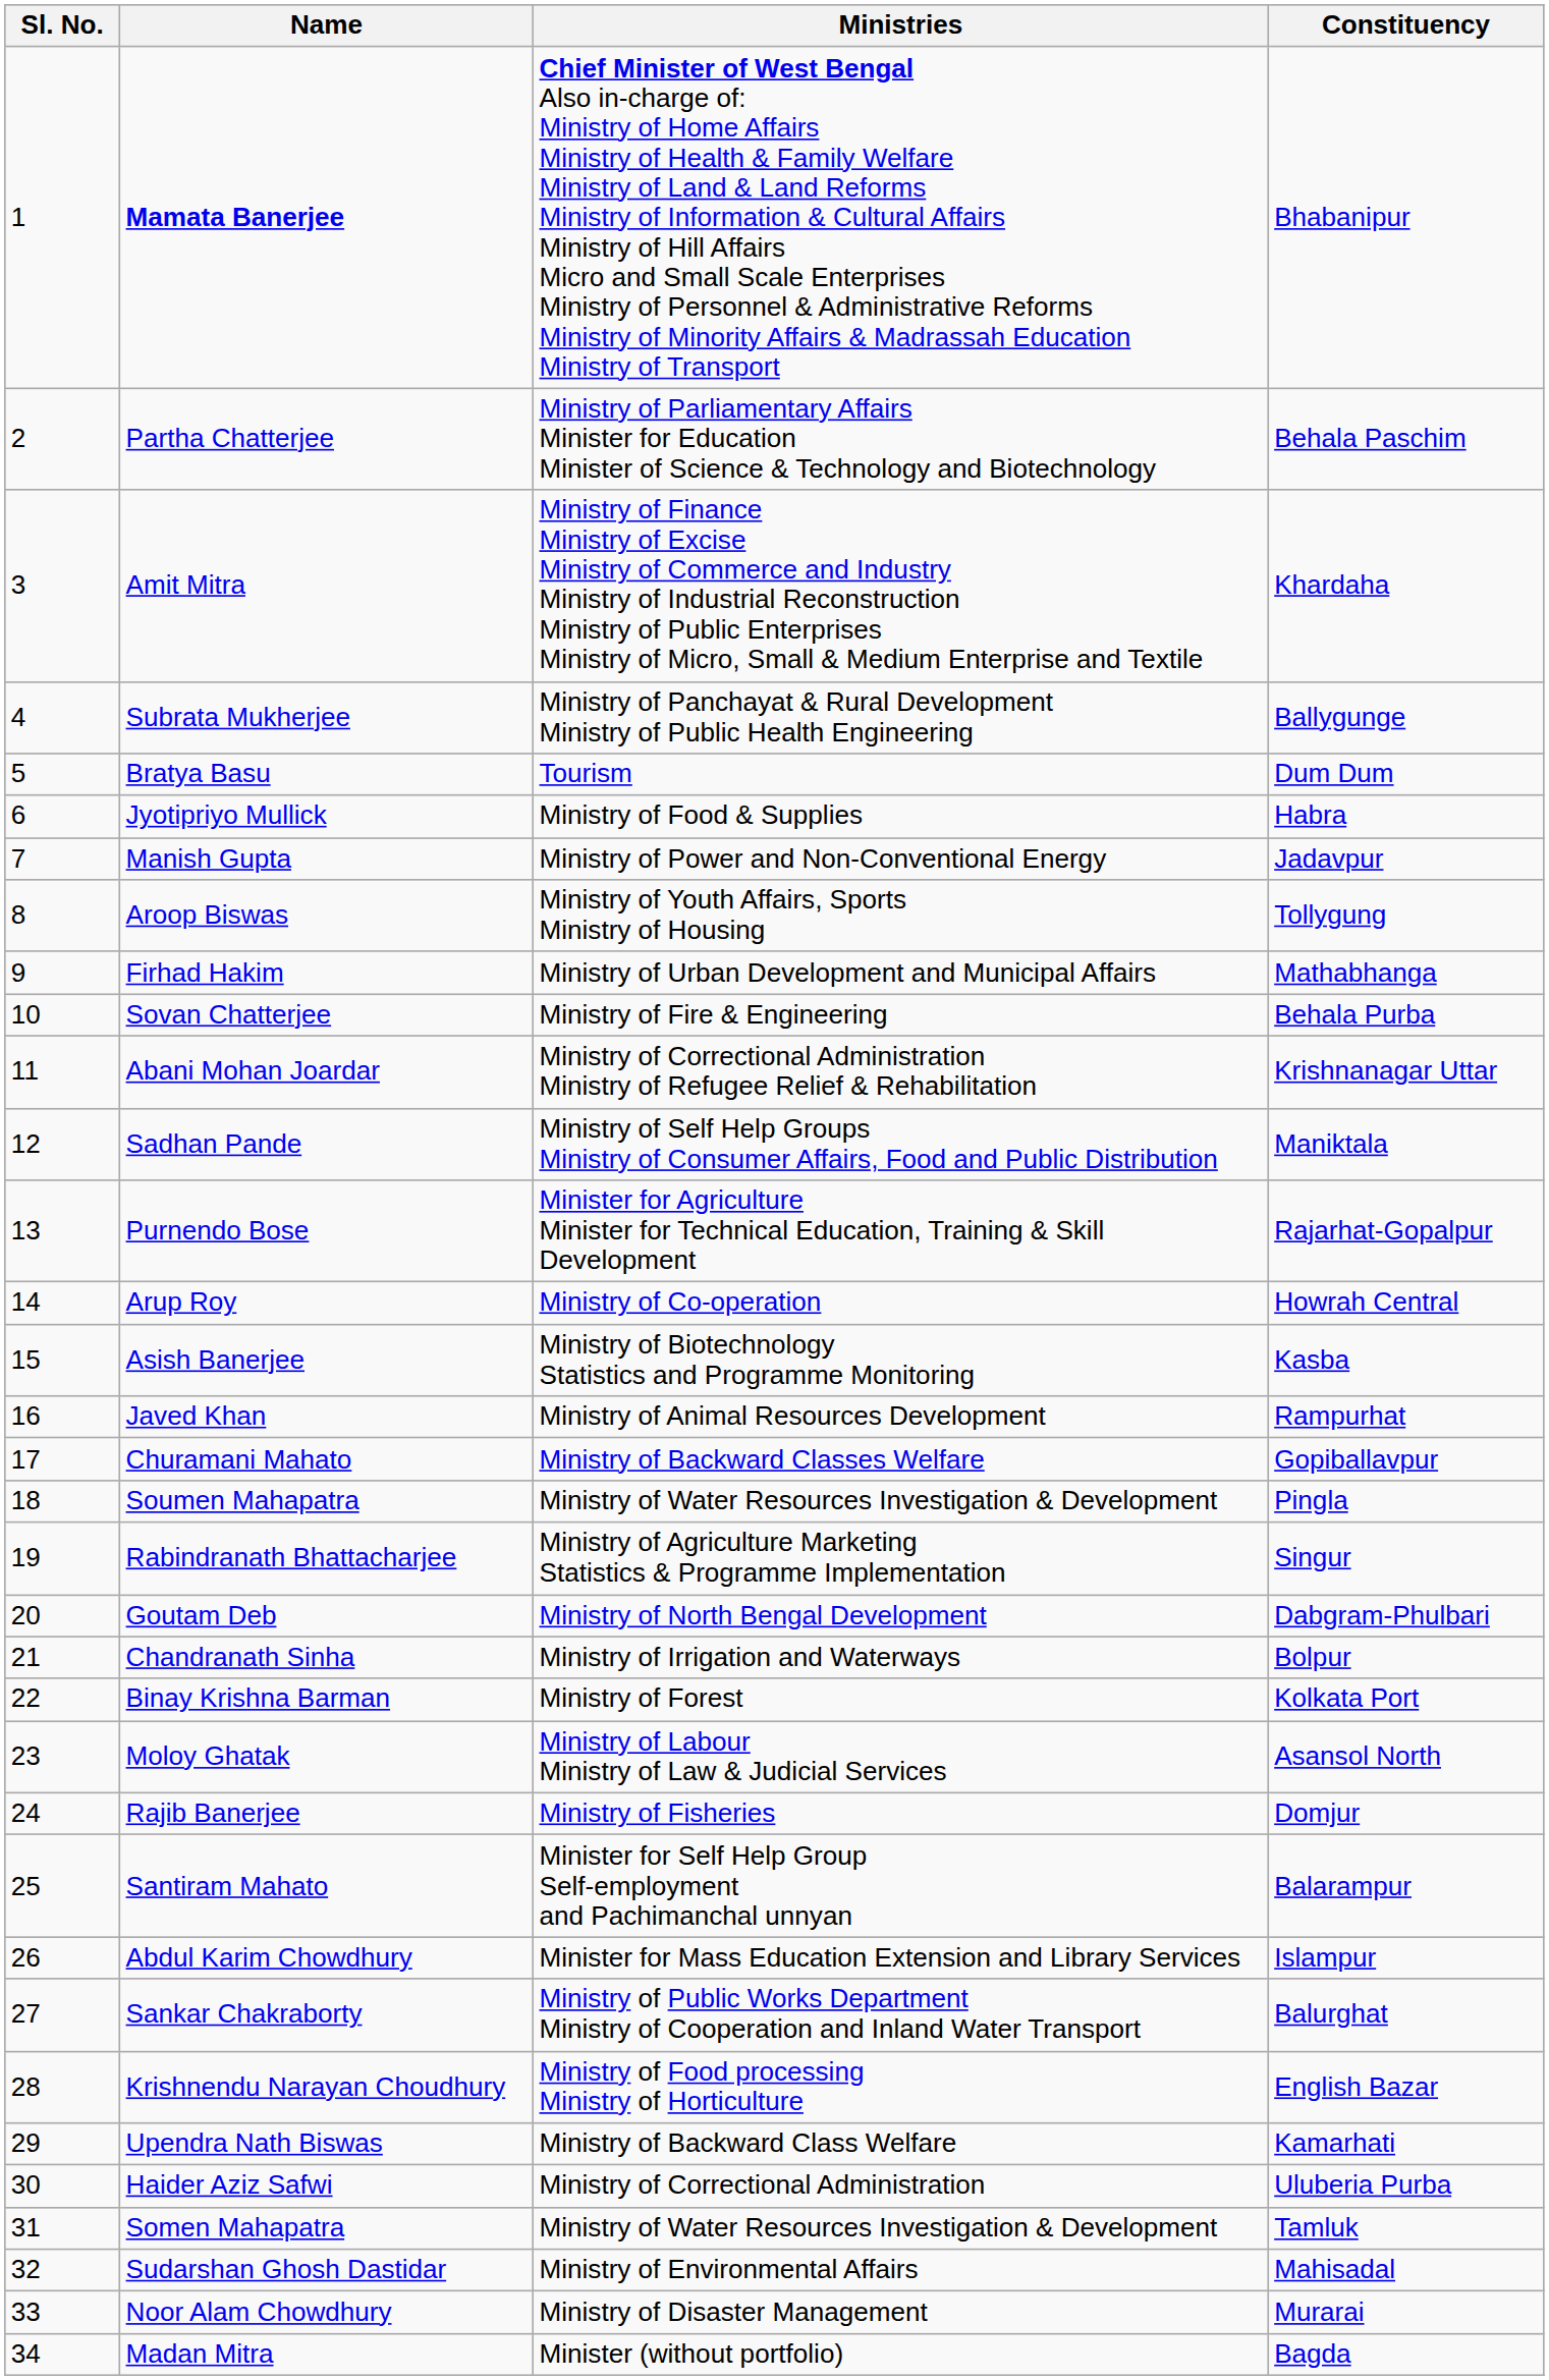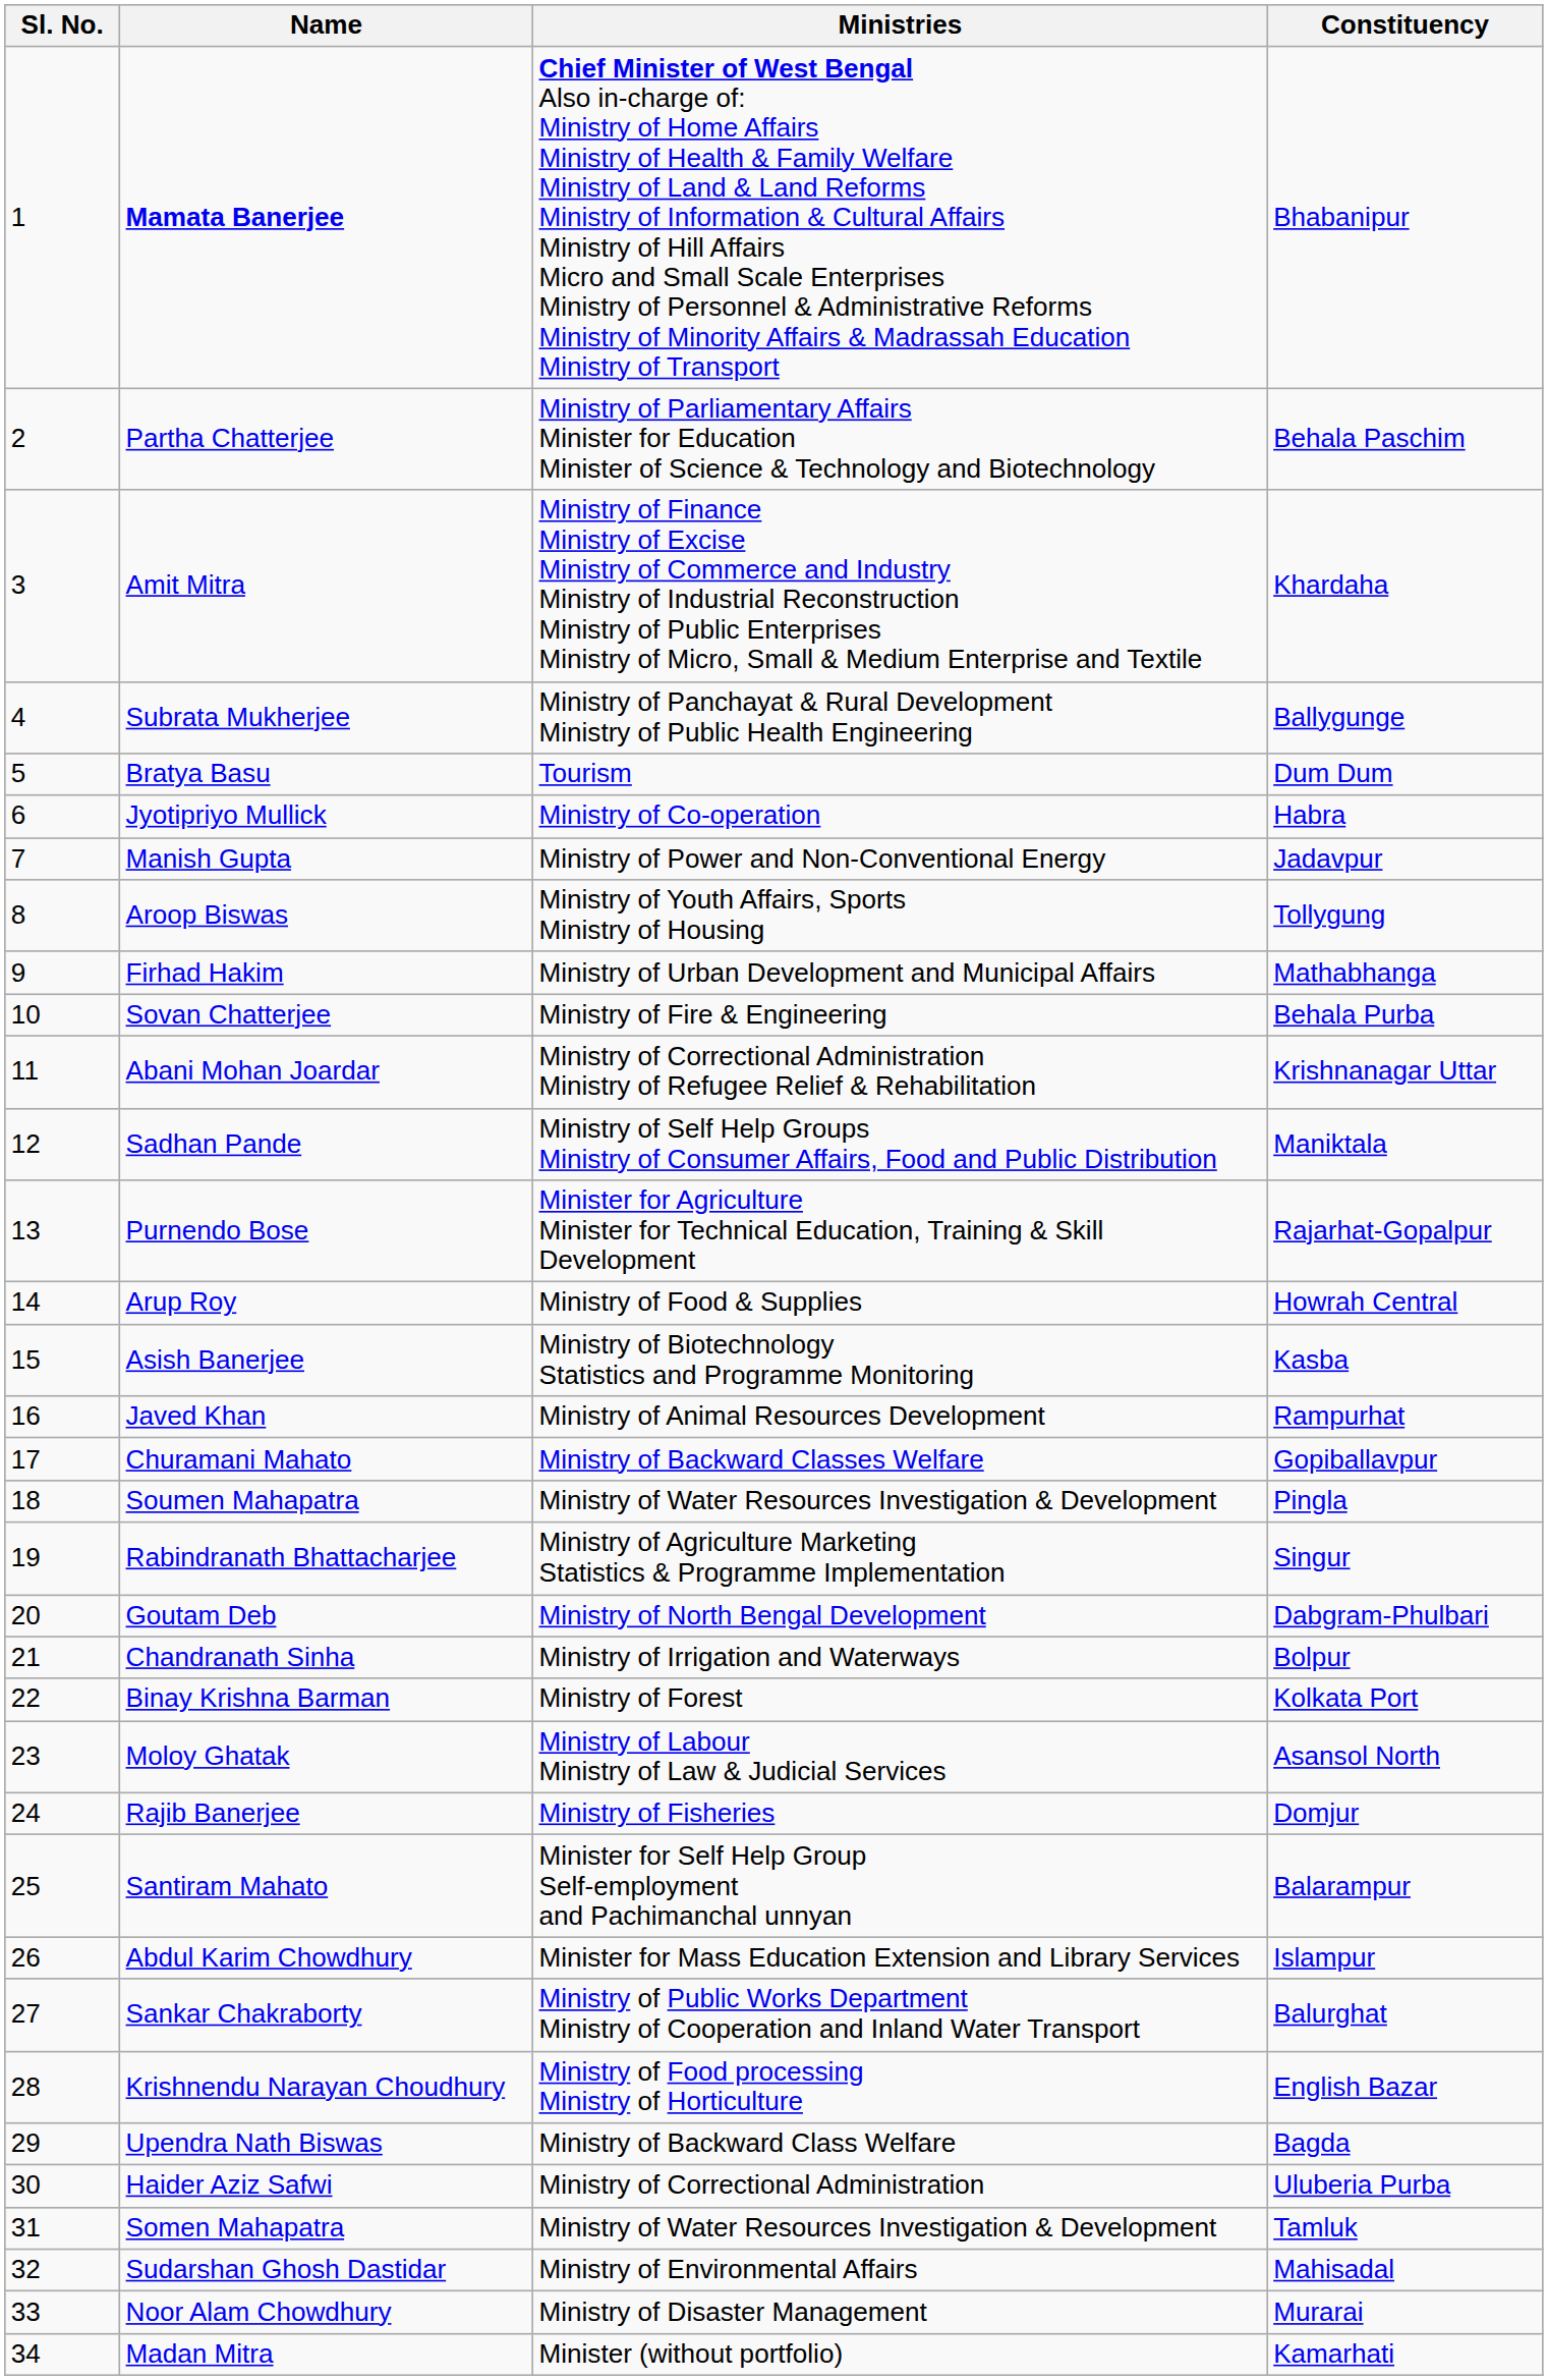 <table class="wikitable" style="width:58em; align:left">
 <tr>
 <th style="width:5%;">Sl. No.</th>
 <th style="width:18%;">Name</th>
 <th style="width:32%;">Ministries</th>
 <th style="width:12%;">Constituency</th>
 </tr>
 <tr>
 <td>1</td>
 <td><strong><a href='#'>Mamata Banerjee</a></strong></td>
 <td><strong><a href='#'>Chief Minister of West Bengal</a></strong><br>Also in-charge of:<br><a href='#'>Ministry of Home Affairs</a><br><a href='#'>Ministry of Health & Family Welfare</a><br><a href='#'>Ministry of Land & Land Reforms</a><br><a href='#'>Ministry of Information & Cultural Affairs</a><br>Ministry of Hill Affairs<br>Micro and Small Scale Enterprises<br>Ministry of Personnel & Administrative Reforms<br><a href='#'>Ministry of Minority Affairs & Madrassah Education</a><br><a href='#'>Ministry of Transport</a></td>
 <td><a href='#'>Bhabanipur</a></td>
 </tr>
 <tr>
 <td>2</td>
 <td><a href='#'>Partha Chatterjee</a></td>
 <td><a href='#'>Ministry of Parliamentary Affairs</a><br>Minister for Education<br>Minister of Science & Technology and Biotechnology</td>
 <td><a href='#'>Behala Paschim</a></td>
 </tr>
 <tr>
 <td>3</td>
 <td><a href='#'>Amit Mitra</a></td>
 <td><a href='#'>Ministry of Finance</a><br><a href='#'>Ministry of Excise</a><br><a href='#'>Ministry of Commerce and Industry</a><br>Ministry of Industrial Reconstruction<br>Ministry of Public Enterprises<br> Ministry of Micro, Small & Medium Enterprise and Textile</td>
 <td><a href='#'>Khardaha</a></td>
 </tr>
 <tr>
 <td>4</td>
 <td><a href='#'>Subrata Mukherjee</a></td>
 <td>Ministry of Panchayat & Rural Development<br>Ministry of Public Health Engineering</td>
 <td><a href='#'>Ballygunge</a></td>
 </tr>
 <tr>
 <td>5</td>
 <td><a href='#'>Bratya Basu</a></td>
 <td><a href='#'>Tourism</a></td>
 <td><a href='#'>Dum Dum</a></td>
 </tr>
 <tr>
 <td>6</td>
 <td><a href='#'>Jyotipriyo Mullick</a></td>
-<td>Ministry of Food & Supplies</td>
+<td><a href='#'>Ministry of Co-operation</a></td>
 <td><a href='#'>Habra</a></td>
 </tr>
 <tr>
 <td>7</td>
 <td><a href='#'>Manish Gupta</a></td>
 <td>Ministry of Power and Non-Conventional Energy</td>
 <td><a href='#'>Jadavpur</a></td>
 </tr>
 <tr>
 <td>8</td>
 <td><a href='#'>Aroop Biswas</a></td>
 <td>Ministry of Youth Affairs, Sports<br>Ministry of Housing</td>
 <td><a href='#'>Tollygung</a></td>
 </tr>
 <tr>
 <td>9</td>
 <td><a href='#'>Firhad Hakim</a></td>
 <td>Ministry of Urban Development and Municipal Affairs</td>
 <td><a href='#'>Mathabhanga</a></td>
 </tr>
 <tr>
 <td>10</td>
 <td><a href='#'>Sovan Chatterjee</a></td>
 <td>Ministry of Fire & Engineering</td>
 <td><a href='#'>Behala Purba</a></td>
 </tr>
 <tr>
 <td>11</td>
 <td><a href='#'>Abani Mohan Joardar</a></td>
 <td>Ministry of Correctional Administration<br>Ministry of Refugee Relief & Rehabilitation</td>
 <td><a href='#'>Krishnanagar Uttar</a></td>
 </tr>
 <tr>
 <td>12</td>
 <td><a href='#'>Sadhan Pande</a></td>
 <td>Ministry of Self Help Groups<br><a href='#'>Ministry of Consumer Affairs, Food and Public Distribution</a></td>
 <td><a href='#'>Maniktala</a></td>
 </tr>
 <tr>
 <td>13</td>
 <td><a href='#'>Purnendo Bose</a></td>
 <td><a href='#'>Minister for Agriculture</a><br> Minister for Technical Education, Training & Skill Development</td>
 <td><a href='#'>Rajarhat-Gopalpur</a></td>
 </tr>
 <tr>
 <td>14</td>
 <td><a href='#'>Arup Roy</a></td>
-<td><a href='#'>Ministry of Co-operation</a></td>
+<td>Ministry of Food & Supplies</td>
 <td><a href='#'>Howrah Central</a></td>
 </tr>
 <tr>
 <td>15</td>
 <td><a href='#'>Asish Banerjee</a></td>
 <td>Ministry of Biotechnology<br>Statistics and Programme Monitoring</td>
 <td><a href='#'>Kasba</a></td>
 </tr>
 <tr>
 <td>16</td>
 <td><a href='#'>Javed Khan</a></td>
 <td>Ministry of Animal Resources Development</td>
 <td><a href='#'>Rampurhat</a></td>
 </tr>
 <tr>
 <td>17</td>
 <td><a href='#'>Churamani Mahato</a></td>
 <td><a href='#'>Ministry of Backward Classes Welfare</a></td>
 <td><a href='#'>Gopiballavpur</a></td>
 </tr>
 <tr>
 <td>18</td>
 <td><a href='#'>Soumen Mahapatra</a></td>
 <td>Ministry of Water Resources Investigation & Development</td>
 <td><a href='#'>Pingla</a></td>
 </tr>
 <tr>
 <td>19</td>
 <td><a href='#'>Rabindranath Bhattacharjee</a></td>
 <td>Ministry of Agriculture Marketing<br>Statistics & Programme Implementation</td>
 <td><a href='#'>Singur</a></td>
 </tr>
 <tr>
 <td>20</td>
 <td><a href='#'>Goutam Deb</a></td>
 <td><a href='#'>Ministry of North Bengal Development</a></td>
 <td><a href='#'>Dabgram-Phulbari</a></td>
 </tr>
 <tr>
 <td>21</td>
 <td><a href='#'>Chandranath Sinha</a></td>
 <td>Ministry of Irrigation and Waterways</td>
 <td><a href='#'>Bolpur</a></td>
 </tr>
 <tr>
 <td>22</td>
 <td><a href='#'>Binay Krishna Barman</a></td>
 <td>Ministry of Forest</td>
 <td><a href='#'>Kolkata Port</a></td>
 </tr>
 <tr>
 <td>23</td>
 <td><a href='#'>Moloy Ghatak</a></td>
 <td><a href='#'>Ministry of Labour</a><br>Ministry of Law & Judicial Services</td>
 <td><a href='#'>Asansol North</a></td>
 </tr>
 <tr>
 <td>24</td>
 <td><a href='#'>Rajib Banerjee</a></td>
 <td><a href='#'>Ministry of Fisheries</a></td>
 <td><a href='#'>Domjur</a></td>
 </tr>
 <tr>
 <td>25</td>
 <td><a href='#'>Santiram Mahato</a></td>
 <td>Minister for Self Help Group <br> Self-employment <br>and Pachimanchal unnyan</td>
 <td><a href='#'>Balarampur</a></td>
 </tr>
 <tr>
 <td>26</td>
 <td><a href='#'>Abdul Karim Chowdhury</a></td>
 <td>Minister for Mass Education Extension and Library Services</td>
 <td><a href='#'>Islampur</a></td>
 </tr>
 <tr>
 <td>27</td>
 <td><a href='#'>Sankar Chakraborty</a></td>
 <td><a href='#'>Ministry</a> of <a href='#'>Public Works Department</a><br>Ministry of Cooperation and Inland Water Transport</td>
 <td><a href='#'>Balurghat</a></td>
 </tr>
 <tr>
 <td>28</td>
 <td><a href='#'>Krishnendu Narayan Choudhury</a></td>
 <td><a href='#'>Ministry</a> of <a href='#'>Food processing</a><br><a href='#'>Ministry</a> of <a href='#'>Horticulture</a></td>
 <td><a href='#'>English Bazar</a></td>
 </tr>
 <tr>
 <td>29</td>
 <td><a href='#'>Upendra Nath Biswas</a></td>
 <td>Ministry of Backward Class Welfare</td>
-<td><a href='#'>Kamarhati</a></td>
+<td><a href='#'>Bagda</a></td>
 </tr>
 <tr>
 <td>30</td>
 <td><a href='#'>Haider Aziz Safwi</a></td>
 <td>Ministry of Correctional Administration</td>
 <td><a href='#'>Uluberia Purba</a></td>
 </tr>
 <tr>
 <td>31</td>
 <td><a href='#'>Somen Mahapatra</a></td>
 <td>Ministry of Water Resources Investigation & Development</td>
 <td><a href='#'>Tamluk</a></td>
 </tr>
 <tr>
 <td>32</td>
 <td><a href='#'>Sudarshan Ghosh Dastidar</a></td>
 <td>Ministry of Environmental Affairs</td>
 <td><a href='#'>Mahisadal</a></td>
 </tr>
 <tr>
 <td>33</td>
 <td><a href='#'>Noor Alam Chowdhury</a></td>
 <td>Ministry of Disaster Management</td>
 <td><a href='#'>Murarai</a></td>
 </tr>
 <tr>
 <td>34</td>
 <td><a href='#'>Madan Mitra</a></td>
 <td>Minister (without portfolio)</td>
-<td><a href='#'>Bagda</a></td>
+<td><a href='#'>Kamarhati</a></td>
 </tr>
 <tr>
 </tr>
 </table>
